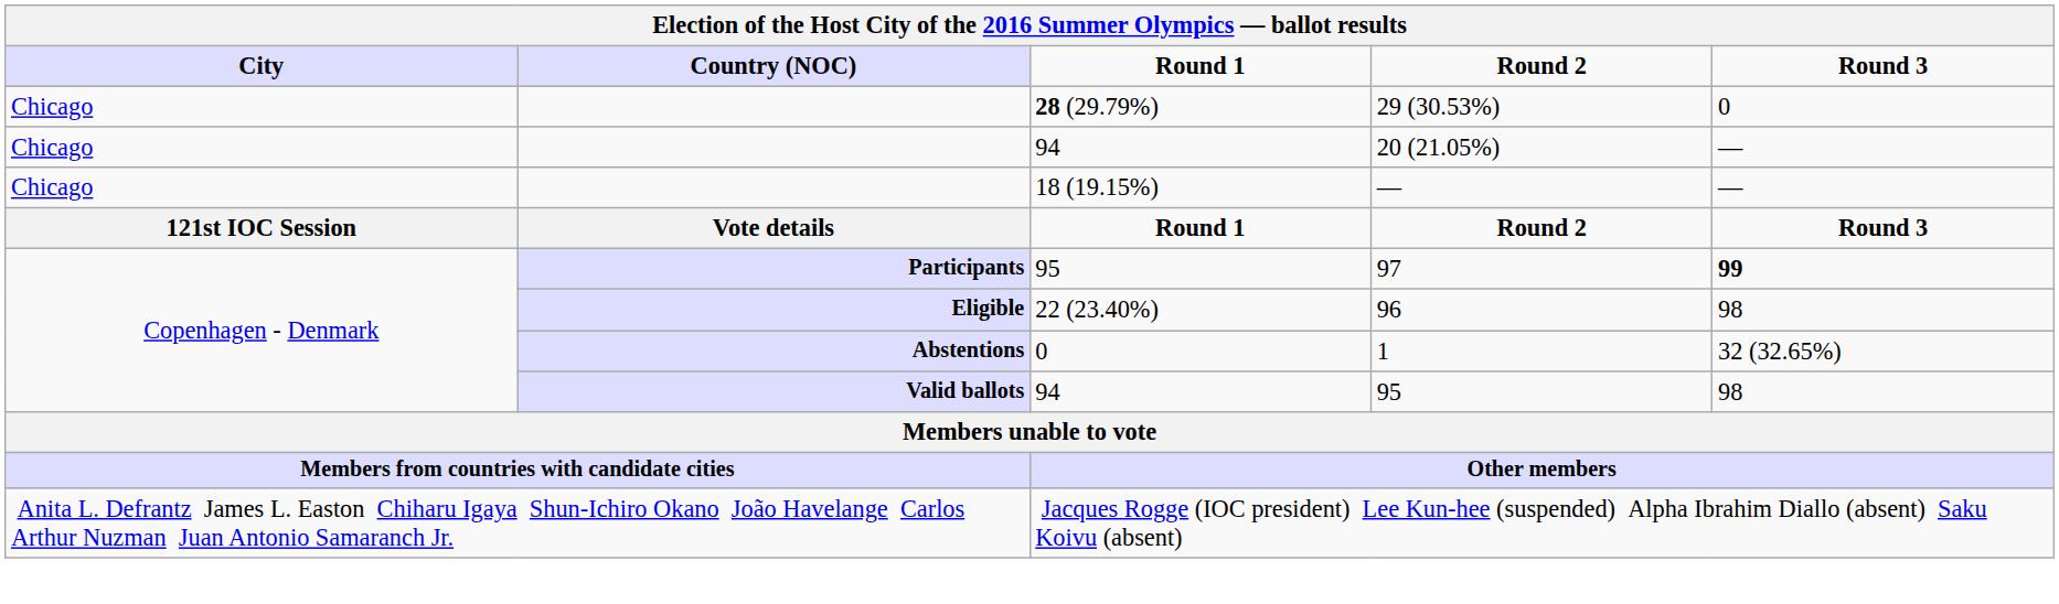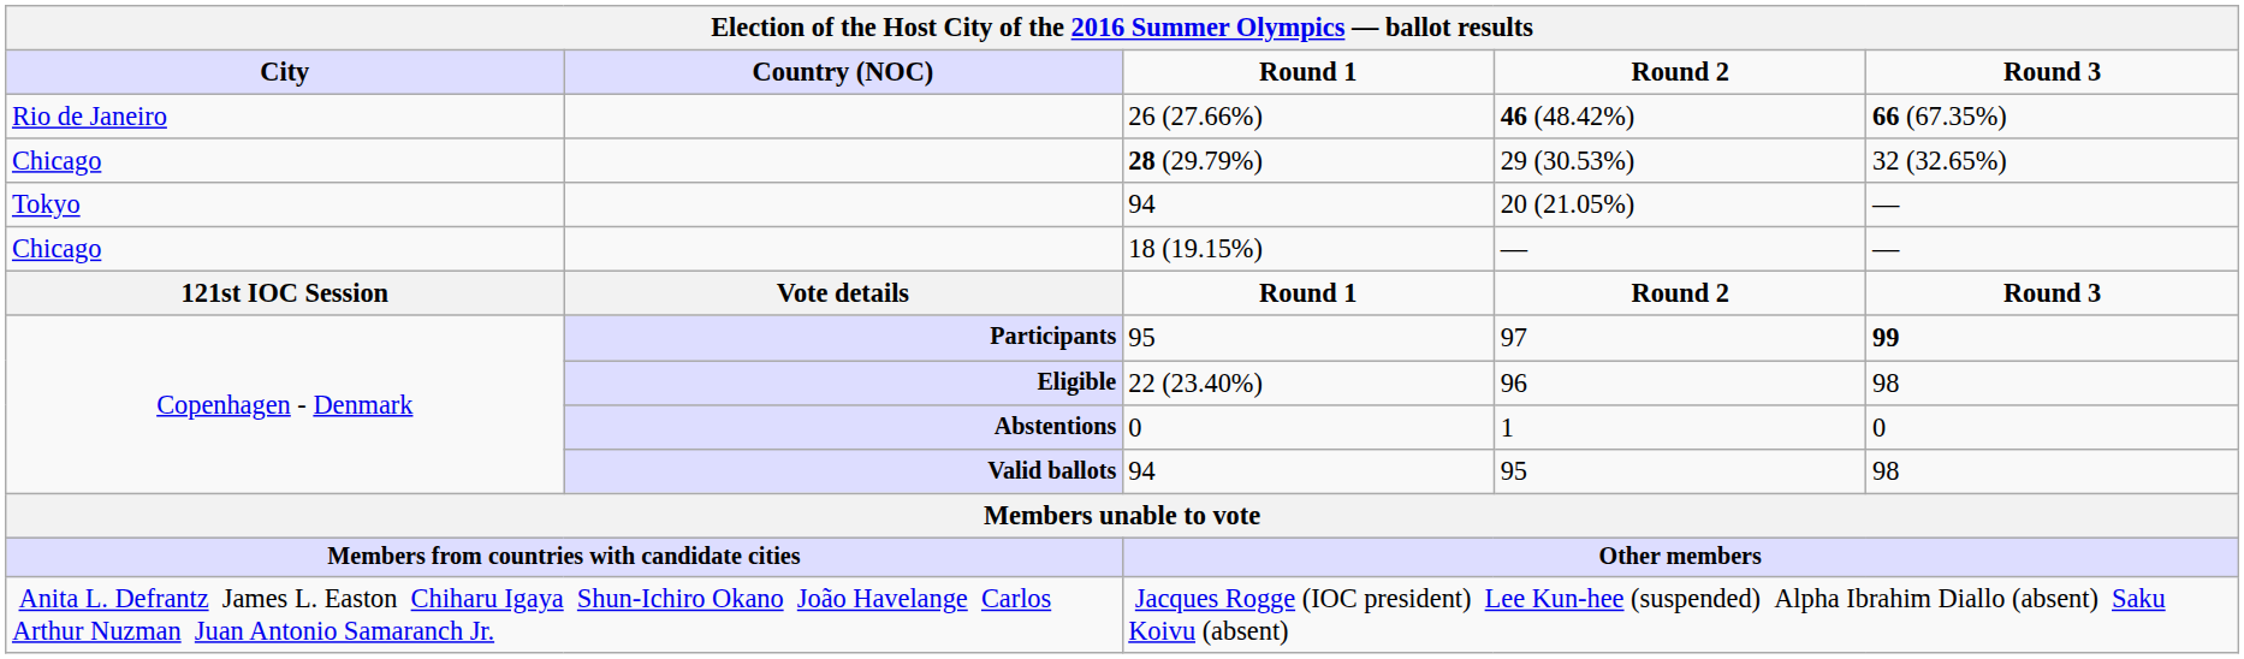 <table class="wikitable" style="margin:0.2em auto; align: center; font-size: 95%">
 <tr>
 <th colspan="5">Election of the Host City of the <a href='#'>2016 Summer Olympics</a> — ballot results</th>
 </tr>
 <tr>
 <th style="width: 25%; background-color: #ddddff">City</th>
 <th style="width: 25%; background-color: #ddddff">Country (NOC)</th>
 <th style="background-color: #f9f9f9">Round 1</th>
 <th style="background-color: #f9f9f9">Round 2</th>
 <th style="background-color: #f9f9f9">Round 3</th>
 </tr>
 <tr>
+<td style="text-align: left"><a href='#'>Rio de Janeiro</a></td>
+<td style="text-align: left"></td>
+<td>26 (27.66%)</td>
+<td><strong>46</strong> (48.42%)</td>
+<td><strong>66</strong> (67.35%)</td>
+</tr>
+<tr>
 <td style="text-align: left"><a href='#'>Chicago</a></td>
 <td style="text-align: left"></td>
 <td><strong>28</strong> (29.79%)</td>
 <td>29 (30.53%)</td>
-<td>0</td>
+<td>32 (32.65%)</td>
 </tr>
 <tr>
-<td style="text-align: left"><a href='#'>Chicago</a></td>
+<td style="text-align: left"><a href='#'>Tokyo</a></td>
 <td style="text-align: left"></td>
 <td>94</td>
 <td>20 (21.05%)</td>
 <td>—</td>
 </tr>
 <tr>
 <td style="text-align: left"><a href='#'>Chicago</a></td>
 <td style="text-align: left"></td>
 <td>18 (19.15%)</td>
 <td>—</td>
 <td>—</td>
 </tr>
 <tr>
 <th style="width: 25%">121st IOC Session</th>
 <th style="width: 25%">Vote details</th>
 <th style="background-color: #f9f9f9">Round 1</th>
 <th style="background-color: #f9f9f9">Round 2</th>
 <th style="background-color: #f9f9f9">Round 3</th>
 </tr>
 <tr>
 <td rowspan="4" style="text-align: center; center; background-color: #f9f9f9"><a href='#'>Copenhagen</a> - <a href='#'>Denmark</a></td>
 <th style="text-align: right; background-color: #ddddff; font-size: 90%">Participants</th>
 <td>95</td>
 <td>97</td>
 <td><strong>99</strong></td>
 </tr>
 <tr>
 <th style="text-align: right; background-color: #ddddff; font-size: 90%">Eligible</th>
 <td>22 (23.40%)</td>
 <td>96</td>
 <td>98</td>
 </tr>
 <tr>
 <th style="text-align: right; background-color: #ddddff; font-size: 90%">Abstentions</th>
 <td>0</td>
 <td>1</td>
-<td>32 (32.65%)</td>
+<td>0</td>
 </tr>
 <tr>
 <th style="text-align: right; background-color: #ddddff; font-size: 90%">Valid ballots</th>
 <td>94</td>
 <td>95</td>
 <td>98</td>
 </tr>
 <tr>
 <th colspan="5">Members unable to vote</th>
 </tr>
 <tr>
 <th colspan="2" style="background-color: #ddddff; font-size: 90%">Members from countries with candidate cities</th>
 <th colspan="3" style="background-color: #ddddff; font-size: 90%">Other members</th>
 </tr>
 <tr>
 <td style="text-align: left" colspan="2"> <a href='#'>Anita L. Defrantz</a>  James L. Easton  <a href='#'>Chiharu Igaya</a>  <a href='#'>Shun-Ichiro Okano</a>  <a href='#'>João Havelange</a>  <a href='#'>Carlos Arthur Nuzman</a>  <a href='#'>Juan Antonio Samaranch Jr.</a></td>
 <td style="text-align: left" colspan="3"> <a href='#'>Jacques Rogge</a> (IOC president)  <a href='#'>Lee Kun-hee</a> (suspended)  Alpha Ibrahim Diallo (absent)  <a href='#'>Saku Koivu</a> (absent)</td>
 </tr>
 </table>
